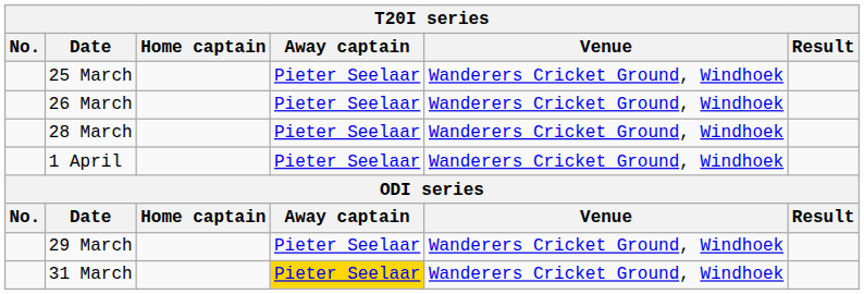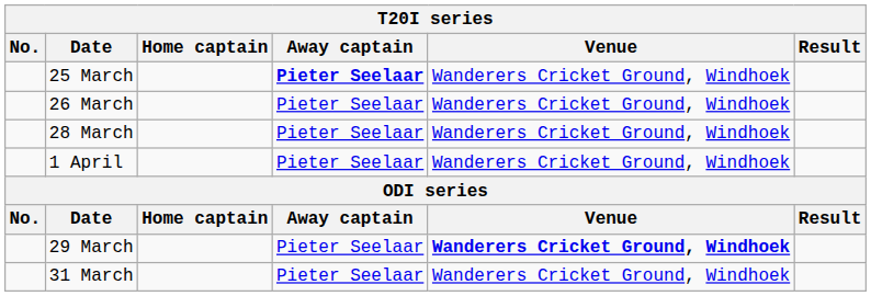 <table class="wikitable">
 <tr>
 <th colspan="9">T20I series</th>
 </tr>
 <tr>
 <th>No.</th>
 <th>Date</th>
 <th>Home captain</th>
 <th>Away captain</th>
 <th>Venue</th>
 <th>Result</th>
 </tr>
 <tr>
 <td></td>
 <td>25 March</td>
 <td></td>
-<td><a href='#'>Pieter Seelaar</a></td>
+<td><strong><a href='#'>Pieter Seelaar</a></strong></td>
 <td><a href='#'>Wanderers Cricket Ground</a>, <a href='#'>Windhoek</a></td>
 <td></td>
 </tr>
 <tr>
 <td></td>
 <td>26 March</td>
 <td></td>
 <td><a href='#'>Pieter Seelaar</a></td>
 <td><a href='#'>Wanderers Cricket Ground</a>, <a href='#'>Windhoek</a></td>
 <td></td>
 </tr>
 <tr>
 <td></td>
 <td>28 March</td>
 <td></td>
 <td><a href='#'>Pieter Seelaar</a></td>
 <td><a href='#'>Wanderers Cricket Ground</a>, <a href='#'>Windhoek</a></td>
 <td></td>
 </tr>
 <tr>
 <td></td>
 <td>1 April</td>
 <td></td>
 <td><a href='#'>Pieter Seelaar</a></td>
 <td><a href='#'>Wanderers Cricket Ground</a>, <a href='#'>Windhoek</a></td>
 <td></td>
 </tr>
 <tr>
 <th colspan="9">ODI series</th>
 </tr>
 <tr>
 <th>No.</th>
 <th>Date</th>
 <th>Home captain</th>
 <th>Away captain</th>
 <th>Venue</th>
 <th>Result</th>
 </tr>
 <tr>
 <td></td>
 <td>29 March</td>
 <td></td>
 <td><a href='#'>Pieter Seelaar</a></td>
-<td><a href='#'>Wanderers Cricket Ground</a>, <a href='#'>Windhoek</a></td>
+<td><strong><a href='#'>Wanderers Cricket Ground</a>, <a href='#'>Windhoek</a></strong></td>
 <td></td>
 </tr>
 <tr>
 <td></td>
 <td>31 March</td>
 <td></td>
-<td style="background: gold;"><a href='#'>Pieter Seelaar</a></td>
+<td><a href='#'>Pieter Seelaar</a></td>
 <td><a href='#'>Wanderers Cricket Ground</a>, <a href='#'>Windhoek</a></td>
 <td></td>
 </tr>
 </table>
